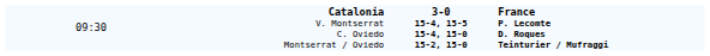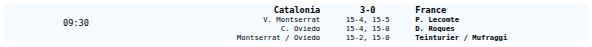 <table style="width: 100%; background:#F5FAFF;" cellspacing="0">
 <tr>
 <td align=center rowspan=3 width=20%>09:30</td>
 </tr>
 <tr>
 <td width=24% align=right><strong>Catalonia</strong></td>
 <td align=center width=13%><strong>3-0</strong></td>
 <td width=24%><strong>France</strong></td>
 </tr>
 <tr style=font-size:85%>
 <td align=right valign=top>V. Montserrat<br>C. Oviedo<br>Montserrat / Oviedo</td>
-<td align=center><strong>15-4, 15-5<br>15-4, 15-0<br>15-2, 15-0</strong></td>
+<td align=center>15-4, 15-5<br>15-4, 15-0<br>15-2, 15-0</td>
 <td valign=top><strong>P. Lecomte<br>D. Roques<br>Teinturier / Mufraggi</strong></td>
 </tr>
 </table>
